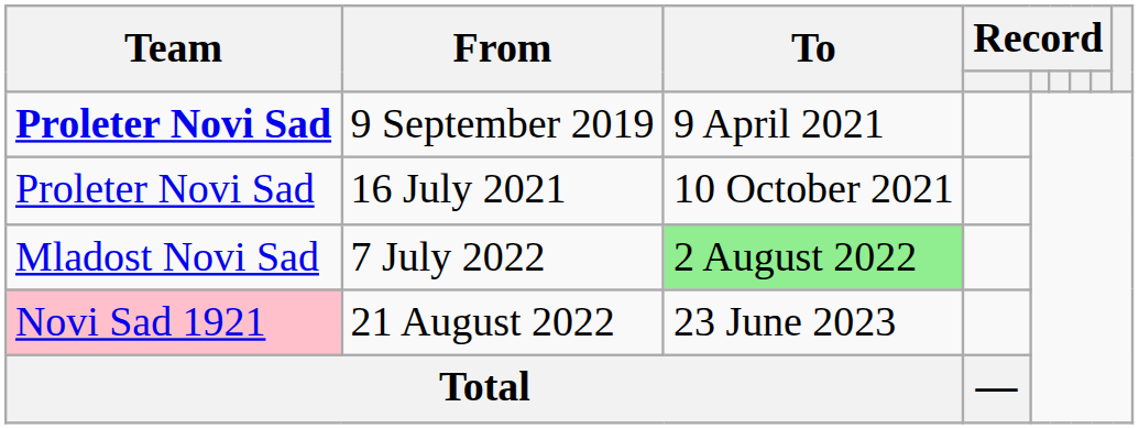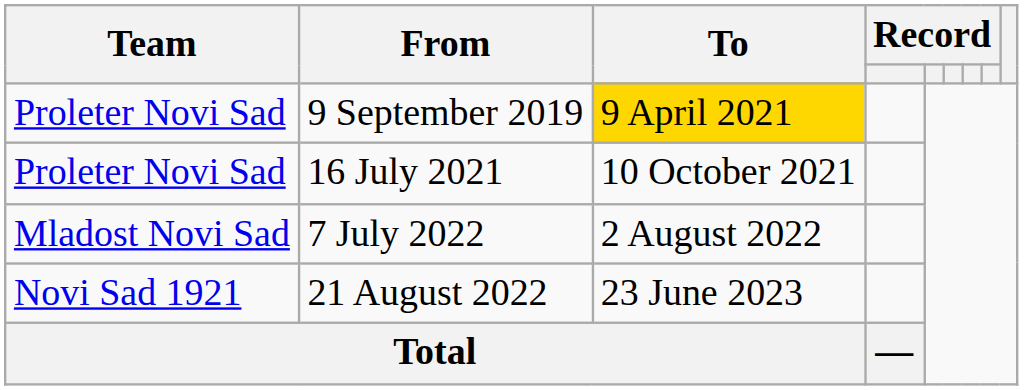 <table class="wikitable" style="text-align:center">
 <tr>
 <th rowspan="2">Team</th>
 <th rowspan="2">From</th>
 <th rowspan="2">To</th>
 <th colspan="5">Record</th>
 <th rowspan=2></th>
 </tr>
 <tr>
 <th></th>
 <th></th>
 <th></th>
 <th></th>
 <th></th>
 </tr>
 <tr>
-<td align=left><strong><a href='#'>Proleter Novi Sad</a></strong></td>
+<td align=left><a href='#'>Proleter Novi Sad</a></td>
 <td align=left>9 September 2019</td>
-<td align=left>9 April 2021<br></td>
+<td align=left style="background: gold;">9 April 2021<br></td>
 <td></td>
 </tr>
 <tr>
 <td align=left><a href='#'>Proleter Novi Sad</a></td>
 <td align=left>16 July 2021</td>
 <td align=left>10 October 2021<br></td>
 <td></td>
 </tr>
 <tr>
 <td align=left><a href='#'>Mladost Novi Sad</a></td>
 <td align=left>7 July 2022</td>
-<td align=left style="background: lightgreen;">2 August 2022<br></td>
+<td align=left>2 August 2022<br></td>
 <td></td>
 </tr>
 <tr>
-<td align=left style="background: pink;"><a href='#'>Novi Sad 1921</a></td>
+<td align=left><a href='#'>Novi Sad 1921</a></td>
 <td align=left>21 August 2022</td>
 <td align=left>23 June 2023<br></td>
 <td></td>
 </tr>
 <tr>
 <th colspan="3">Total<br></th>
 <th>—</th>
 </tr>
 </table>
